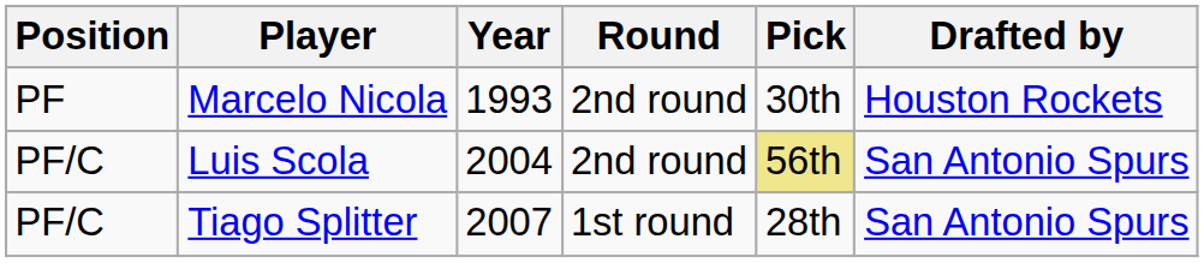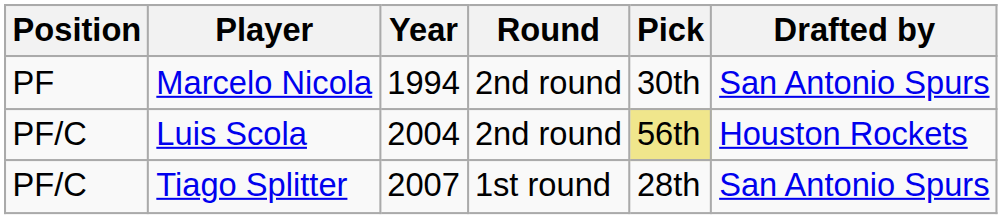 <table class="wikitable sortable" style="text-align: left;">
 <tr>
 <th>Position</th>
 <th>Player</th>
 <th>Year</th>
 <th>Round</th>
 <th>Pick</th>
 <th>Drafted by</th>
 </tr>
 <tr>
 <td>PF</td>
 <td> <a href='#'>Marcelo Nicola</a></td>
-<td>1993</td>
+<td>1994</td>
 <td>2nd round</td>
 <td>30th</td>
-<td><a href='#'>Houston Rockets</a></td>
+<td><a href='#'>San Antonio Spurs</a></td>
 </tr>
 <tr>
 <td>PF/C</td>
 <td> <a href='#'>Luis Scola</a></td>
 <td>2004</td>
 <td>2nd round</td>
 <td style="background: khaki;">56th</td>
-<td><a href='#'>San Antonio Spurs</a></td>
+<td><a href='#'>Houston Rockets</a></td>
 </tr>
 <tr>
 <td>PF/C</td>
 <td> <a href='#'>Tiago Splitter</a></td>
 <td>2007</td>
 <td>1st round</td>
 <td>28th</td>
 <td><a href='#'>San Antonio Spurs</a></td>
 </tr>
 </table>
